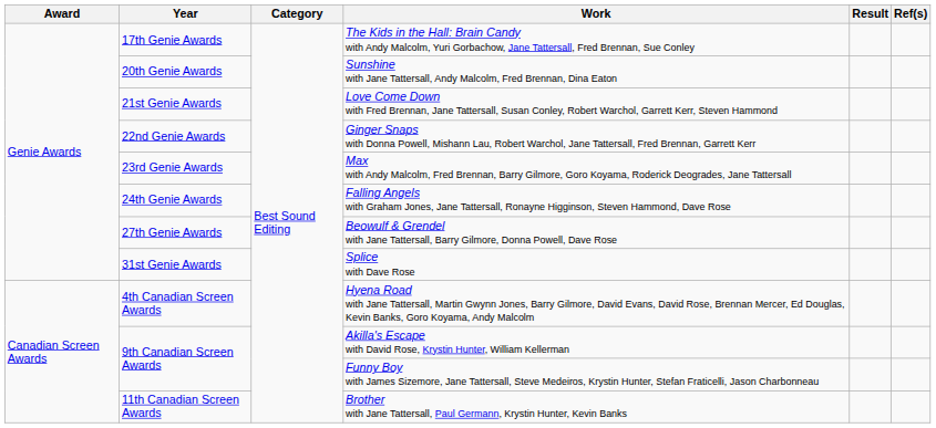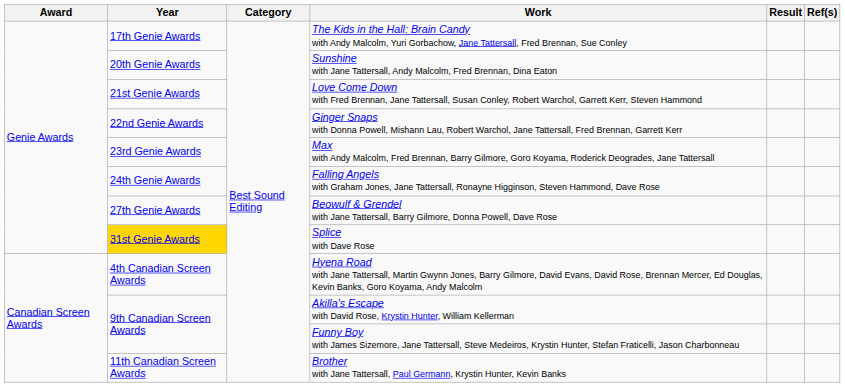 <table class="wikitable plainrowheaders sortable">
 <tr>
 <th>Award</th>
 <th>Year</th>
 <th>Category</th>
 <th>Work</th>
 <th>Result</th>
 <th>Ref(s)</th>
 </tr>
 <tr>
 <td rowspan=8><a href='#'>Genie Awards</a></td>
 <td><a href='#'>17th Genie Awards</a></td>
 <td rowspan=12><a href='#'>Best Sound Editing</a></td>
 <td><em><a href='#'>The Kids in the Hall: Brain Candy</a></em><br><small>with Andy Malcolm, Yuri Gorbachow, <a href='#'>Jane Tattersall</a>, Fred Brennan, Sue Conley</small></td>
 <td></td>
 <td></td>
 </tr>
 <tr>
 <td><a href='#'>20th Genie Awards</a></td>
 <td><em><a href='#'>Sunshine</a></em><br><small>with Jane Tattersall, Andy Malcolm, Fred Brennan, Dina Eaton</small></td>
 <td></td>
 <td></td>
 </tr>
 <tr>
 <td><a href='#'>21st Genie Awards</a></td>
 <td><em><a href='#'>Love Come Down</a></em><br><small>with Fred Brennan, Jane Tattersall, Susan Conley, Robert Warchol, Garrett Kerr, Steven Hammond</small></td>
 <td></td>
 <td></td>
 </tr>
 <tr>
 <td><a href='#'>22nd Genie Awards</a></td>
 <td><em><a href='#'>Ginger Snaps</a></em><br><small>with Donna Powell, Mishann Lau, Robert Warchol, Jane Tattersall, Fred Brennan, Garrett Kerr</small></td>
 <td></td>
 <td></td>
 </tr>
 <tr>
 <td><a href='#'>23rd Genie Awards</a></td>
 <td><em><a href='#'>Max</a></em><br><small>with Andy Malcolm, Fred Brennan, Barry Gilmore, Goro Koyama, Roderick Deogrades, Jane Tattersall</small></td>
 <td></td>
 <td></td>
 </tr>
 <tr>
 <td><a href='#'>24th Genie Awards</a></td>
 <td><em><a href='#'>Falling Angels</a></em><br><small>with Graham Jones, Jane Tattersall, Ronayne Higginson, Steven Hammond, Dave Rose</small></td>
 <td></td>
 <td></td>
 </tr>
 <tr>
 <td><a href='#'>27th Genie Awards</a></td>
 <td><em><a href='#'>Beowulf & Grendel</a></em><br><small>with Jane Tattersall, Barry Gilmore, Donna Powell, Dave Rose</small></td>
 <td></td>
 <td></td>
 </tr>
 <tr>
-<td><a href='#'>31st Genie Awards</a></td>
+<td style="background: gold;"><a href='#'>31st Genie Awards</a></td>
 <td><em><a href='#'>Splice</a></em><br><small>with Dave Rose</small></td>
 <td></td>
 <td></td>
 </tr>
 <tr>
 <td rowspan=4><a href='#'>Canadian Screen Awards</a></td>
 <td><a href='#'>4th Canadian Screen Awards</a></td>
 <td><em><a href='#'>Hyena Road</a></em><br><small>with Jane Tattersall, Martin Gwynn Jones, Barry Gilmore, David Evans, David Rose, Brennan Mercer, Ed Douglas, Kevin Banks, Goro Koyama, Andy Malcolm</small></td>
 <td></td>
 <td></td>
 </tr>
 <tr>
 <td rowspan=2><a href='#'>9th Canadian Screen Awards</a></td>
 <td><em><a href='#'>Akilla's Escape</a></em><br><small>with David Rose, <a href='#'>Krystin Hunter</a>, William Kellerman</small></td>
 <td></td>
 <td></td>
 </tr>
 <tr>
 <td><em><a href='#'>Funny Boy</a></em><br><small>with James Sizemore, Jane Tattersall, Steve Medeiros, Krystin Hunter, Stefan Fraticelli, Jason Charbonneau</small></td>
 <td></td>
 <td></td>
 </tr>
 <tr>
 <td><a href='#'>11th Canadian Screen Awards</a></td>
 <td><em><a href='#'>Brother</a></em><br><small>with Jane Tattersall, <a href='#'>Paul Germann</a>, Krystin Hunter, Kevin Banks</small></td>
 <td></td>
 <td></td>
 </tr>
 </table>
